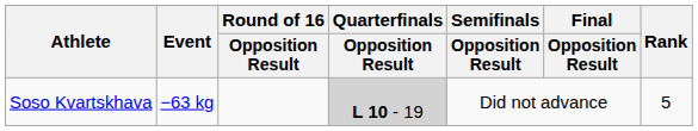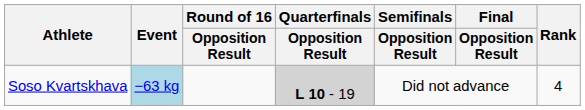 <table class="wikitable" style="font-size:90%;">
 <tr>
 <th rowspan=2>Athlete</th>
 <th rowspan=2>Event</th>
 <th>Round of 16</th>
 <th>Quarterfinals</th>
 <th>Semifinals</th>
 <th>Final</th>
 <th rowspan=2>Rank</th>
 </tr>
 <tr style="font-size:95%">
 <th>Opposition<br>Result</th>
 <th>Opposition<br>Result</th>
 <th>Opposition<br>Result</th>
 <th>Opposition<br>Result</th>
 </tr>
 <tr align=center>
 <td align=left><a href='#'>Soso Kvartskhava</a></td>
-<td align=left><a href='#'>−63 kg</a></td>
+<td align=left style="background: lightblue;"><a href='#'>−63 kg</a></td>
 <td></td>
 <td style="background: lightgrey;"><br><strong>L</strong> <strong>10</strong> - 19</td>
 <td colspan=2>Did not advance</td>
-<td>5</td>
+<td>4</td>
 </tr>
 </table>
